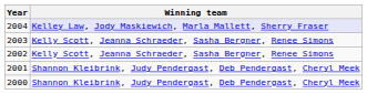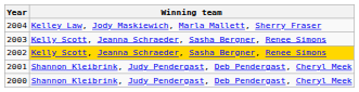 <table class="wikitable">
 <tr>
 <th>Year</th>
 <th>Winning team</th>
 </tr>
 <tr>
 <td>2004</td>
-<td style="background: lavender;"><a href='#'>Kelley Law</a>, <a href='#'>Jody Maskiewich</a>, <a href='#'>Marla Mallett</a>, <a href='#'>Sherry Fraser</a></td>
+<td><a href='#'>Kelley Law</a>, <a href='#'>Jody Maskiewich</a>, <a href='#'>Marla Mallett</a>, <a href='#'>Sherry Fraser</a></td>
 </tr>
 <tr>
 <td>2003</td>
 <td><a href='#'>Kelly Scott</a>, <a href='#'>Jeanna Schraeder</a>, <a href='#'>Sasha Bergner</a>, <a href='#'>Renee Simons</a></td>
 </tr>
 <tr>
 <td>2002</td>
-<td><a href='#'>Kelly Scott</a>, <a href='#'>Jeanna Schraeder</a>, <a href='#'>Sasha Bergner</a>, <a href='#'>Renee Simons</a></td>
+<td style="background: gold;"><a href='#'>Kelly Scott</a>, <a href='#'>Jeanna Schraeder</a>, <a href='#'>Sasha Bergner</a>, <a href='#'>Renee Simons</a></td>
 </tr>
 <tr>
 <td>2001</td>
 <td><a href='#'>Shannon Kleibrink</a>, <a href='#'>Judy Pendergast</a>, <a href='#'>Deb Pendergast</a>, <a href='#'>Cheryl Meek</a></td>
 </tr>
 <tr>
 <td>2000</td>
 <td><a href='#'>Shannon Kleibrink</a>, <a href='#'>Judy Pendergast</a>, <a href='#'>Deb Pendergast</a>, <a href='#'>Cheryl Meek</a></td>
 </tr>
 </table>
